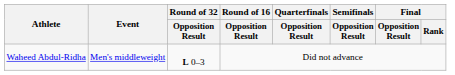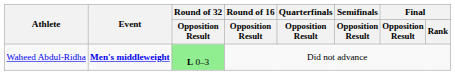 <table class="wikitable" style="font-size:90%">
 <tr>
 <th rowspan="2">Athlete</th>
 <th rowspan="2">Event</th>
 <th>Round of 32</th>
 <th>Round of 16</th>
 <th>Quarterfinals</th>
 <th>Semifinals</th>
 <th colspan=2>Final</th>
 </tr>
 <tr style="font-size:95%">
 <th>Opposition<br>Result</th>
 <th>Opposition<br>Result</th>
 <th>Opposition<br>Result</th>
 <th>Opposition<br>Result</th>
 <th>Opposition<br>Result</th>
 <th>Rank</th>
 </tr>
 <tr align=center>
 <td align=left><a href='#'>Waheed Abdul-Ridha</a></td>
-<td align=left><a href='#'>Men's middleweight</a></td>
-<td><br><strong>L</strong> 0–3</td>
+<td align=left><strong><a href='#'>Men's middleweight</a></strong></td>
+<td style="background: lightgreen;"><br><strong>L</strong> 0–3</td>
 <td colspan=5>Did not advance</td>
 </tr>
 </table>
